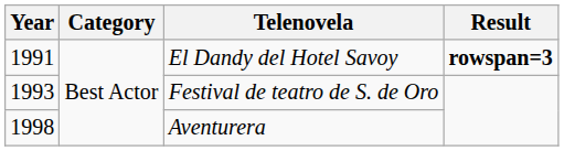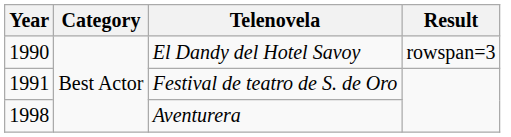 <table class="wikitable">
 <tr>
 <th><strong>Year</strong></th>
 <th><strong>Category</strong></th>
 <th><strong>Telenovela</strong></th>
 <th><strong>Result</strong></th>
 </tr>
 <tr>
-<td>1991</td>
+<td>1990</td>
 <td rowspan=3>Best Actor</td>
 <td><em>El Dandy del Hotel Savoy</em></td>
-<td><strong>rowspan=3 </strong></td>
+<td>rowspan=3 </td>
 </tr>
 <tr>
-<td>1993</td>
+<td>1991</td>
 <td><em>Festival de teatro de S. de Oro</em></td>
 </tr>
 <tr>
 <td>1998</td>
 <td><em>Aventurera</em></td>
 </tr>
 </table>
